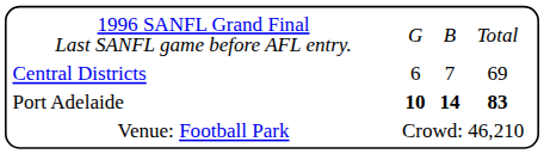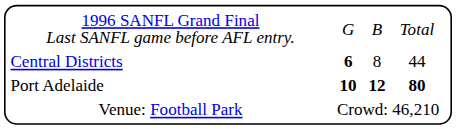 <table style="margin-right:4px; margin-top:8px; float:right; border:1px #000 solid; border-radius:8px; background:#fff; font-family:Verdana; font-size:8pt; text-align:center;">
 <tr>
 <td width=200><a href='#'>1996 SANFL Grand Final</a><br><em>Last SANFL game before AFL entry.</em></td>
 <td><em>G</em></td>
 <td><em>B</em></td>
 <td><em>Total</em></td>
 </tr>
 <tr>
 <td style="text-align:left"><a href='#'>Central Districts</a></td>
-<td>6</td>
-<td>7</td>
-<td>69</td>
+<td><strong>6</strong></td>
+<td>8</td>
+<td>44</td>
 </tr>
 <tr>
 <td style="text-align:left">Port Adelaide</td>
 <td><strong>10</strong></td>
-<td><strong>14</strong></td>
-<td><strong>83</strong></td>
+<td><strong>12</strong></td>
+<td><strong>80</strong></td>
 </tr>
 <tr>
 <td>Venue: <a href='#'>Football Park</a></td>
 <td colspan=3>Crowd: 46,210</td>
 <td colspan=3></td>
 </tr>
 </table>
